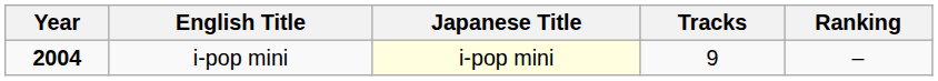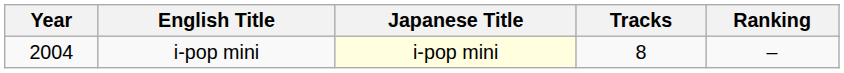 <table class="wikitable" style="text-align:center; font-size:0.9em;">
 <tr>
 <th width="70">Year</th>
 <th width="200">English Title</th>
 <th width="200">Japanese Title</th>
 <th width="100">Tracks</th>
 <th width="100">Ranking</th>
 </tr>
 <tr>
-<td><strong>2004</strong></td>
+<td>2004</td>
 <td>i-pop mini</td>
 <td style="background: lightyellow;">i-pop mini</td>
-<td>9</td>
+<td>8</td>
 <td>–</td>
 </tr>
 </table>
